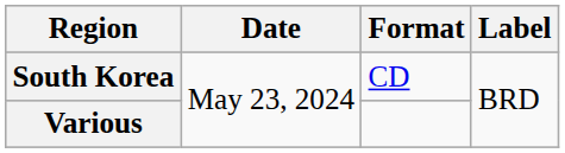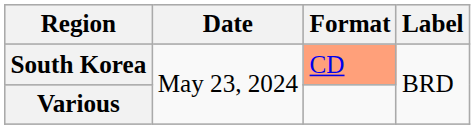 <table class="wikitable plainrowheaders">
 <tr>
 <th scope="col">Region</th>
 <th scope="col">Date</th>
 <th scope="col">Format</th>
 <th scope="col">Label</th>
 </tr>
 <tr>
 <th scope="row">South Korea</th>
 <td rowspan="2">May 23, 2024</td>
-<td><a href='#'>CD</a></td>
+<td style="background: lightsalmon;"><a href='#'>CD</a></td>
 <td rowspan="2">BRD</td>
 </tr>
 <tr>
 <th scope="row">Various</th>
 <td></td>
 </tr>
 </table>
